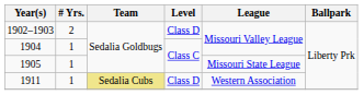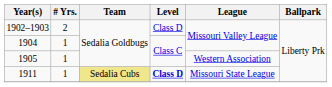 <table class="wikitable" style="text-align:center; font-size: 95%;">
 <tr>
 <th>Year(s)</th>
 <th># Yrs.</th>
 <th>Team</th>
 <th>Level</th>
 <th>League</th>
 <th>Ballpark</th>
 </tr>
 <tr>
 <td>1902–1903</td>
 <td>2</td>
 <td rowspan=3>Sedalia Goldbugs</td>
 <td><a href='#'>Class D</a></td>
 <td rowspan=2><a href='#'>Missouri Valley League</a></td>
 <td rowspan=4>Liberty Prk</td>
 </tr>
 <tr>
 <td>1904</td>
 <td>1</td>
 <td rowspan=2><a href='#'>Class C</a></td>
 </tr>
 <tr>
 <td>1905</td>
 <td>1</td>
-<td><a href='#'>Missouri State League</a></td>
+<td><a href='#'>Western Association</a></td>
 </tr>
 <tr>
 <td>1911</td>
 <td>1</td>
 <td style="background: khaki;">Sedalia Cubs</td>
-<td><a href='#'>Class D</a></td>
-<td><a href='#'>Western Association</a></td>
+<td><strong><a href='#'>Class D</a></strong></td>
+<td><a href='#'>Missouri State League</a></td>
 </tr>
 <tr>
 </tr>
 </table>
